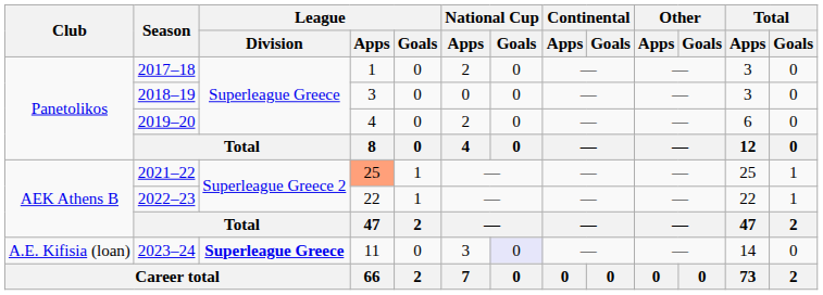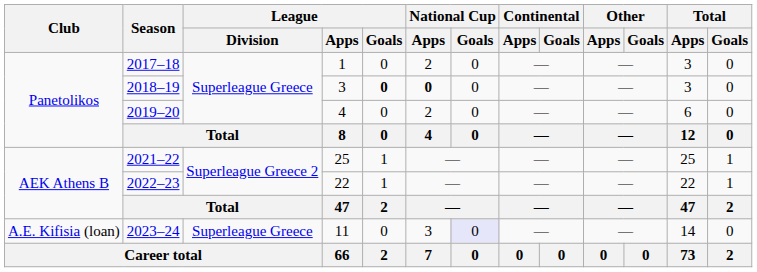 <table class="wikitable" style="text-align:center">
 <tr>
 <th rowspan=2>Club</th>
 <th rowspan=2>Season</th>
 <th colspan=3>League</th>
 <th colspan=2>National Cup</th>
 <th colspan=2>Continental</th>
 <th colspan=2>Other</th>
 <th colspan=2>Total</th>
 </tr>
 <tr>
 <th>Division</th>
 <th>Apps</th>
 <th>Goals</th>
 <th>Apps</th>
 <th>Goals</th>
 <th>Apps</th>
 <th>Goals</th>
 <th>Apps</th>
 <th>Goals</th>
 <th>Apps</th>
 <th>Goals</th>
 </tr>
 <tr>
 <td rowspan="4"><a href='#'>Panetolikos</a></td>
 <td><a href='#'>2017–18</a></td>
 <td rowspan="3"><a href='#'>Superleague Greece</a></td>
 <td>1</td>
 <td>0</td>
 <td>2</td>
 <td>0</td>
 <td colspan="2">—</td>
 <td colspan="2">—</td>
 <td>3</td>
 <td>0</td>
 </tr>
 <tr>
 <td><a href='#'>2018–19</a></td>
 <td>3</td>
-<td>0</td>
-<td>0</td>
+<td><strong>0</strong></td>
+<td><strong>0</strong></td>
 <td>0</td>
 <td colspan="2">—</td>
 <td colspan="2">—</td>
 <td>3</td>
 <td>0</td>
 </tr>
 <tr>
 <td><a href='#'>2019–20</a></td>
 <td>4</td>
 <td>0</td>
 <td>2</td>
 <td>0</td>
 <td colspan="2">—</td>
 <td colspan="2">—</td>
 <td>6</td>
 <td>0</td>
 </tr>
 <tr>
 <th colspan="2">Total</th>
 <th>8</th>
 <th>0</th>
 <th>4</th>
 <th>0</th>
 <th colspan="2">—</th>
 <th colspan="2">—</th>
 <th>12</th>
 <th>0</th>
 </tr>
 <tr>
 <td rowspan="3"><a href='#'>AEK Athens B</a></td>
 <td><a href='#'>2021–22</a></td>
 <td rowspan="2"><a href='#'>Superleague Greece 2</a></td>
-<td style="background: lightsalmon;">25</td>
+<td>25</td>
 <td>1</td>
 <td colspan="2">—</td>
 <td colspan="2">—</td>
 <td colspan="2">—</td>
 <td>25</td>
 <td>1</td>
 </tr>
 <tr>
 <td><a href='#'>2022–23</a></td>
 <td>22</td>
 <td>1</td>
 <td colspan="2">—</td>
 <td colspan="2">—</td>
 <td colspan="2">—</td>
 <td>22</td>
 <td>1</td>
 </tr>
 <tr>
 <th colspan="2">Total</th>
 <th>47</th>
 <th>2</th>
 <th colspan="2">—</th>
 <th colspan="2">—</th>
 <th colspan="2">—</th>
 <th>47</th>
 <th>2</th>
 </tr>
 <tr>
 <td><a href='#'>A.E. Kifisia</a> (loan)</td>
 <td><a href='#'>2023–24</a></td>
-<td><strong><a href='#'>Superleague Greece</a></strong></td>
+<td><a href='#'>Superleague Greece</a></td>
 <td>11</td>
 <td>0</td>
 <td>3</td>
 <td style="background: lavender;">0</td>
 <td colspan="2">—</td>
 <td colspan="2">—</td>
 <td>14</td>
 <td>0</td>
 </tr>
 <tr>
 <th colspan="3">Career total</th>
 <th>66</th>
 <th>2</th>
 <th>7</th>
 <th>0</th>
 <th>0</th>
 <th>0</th>
 <th>0</th>
 <th>0</th>
 <th>73</th>
 <th>2</th>
 </tr>
 </table>
